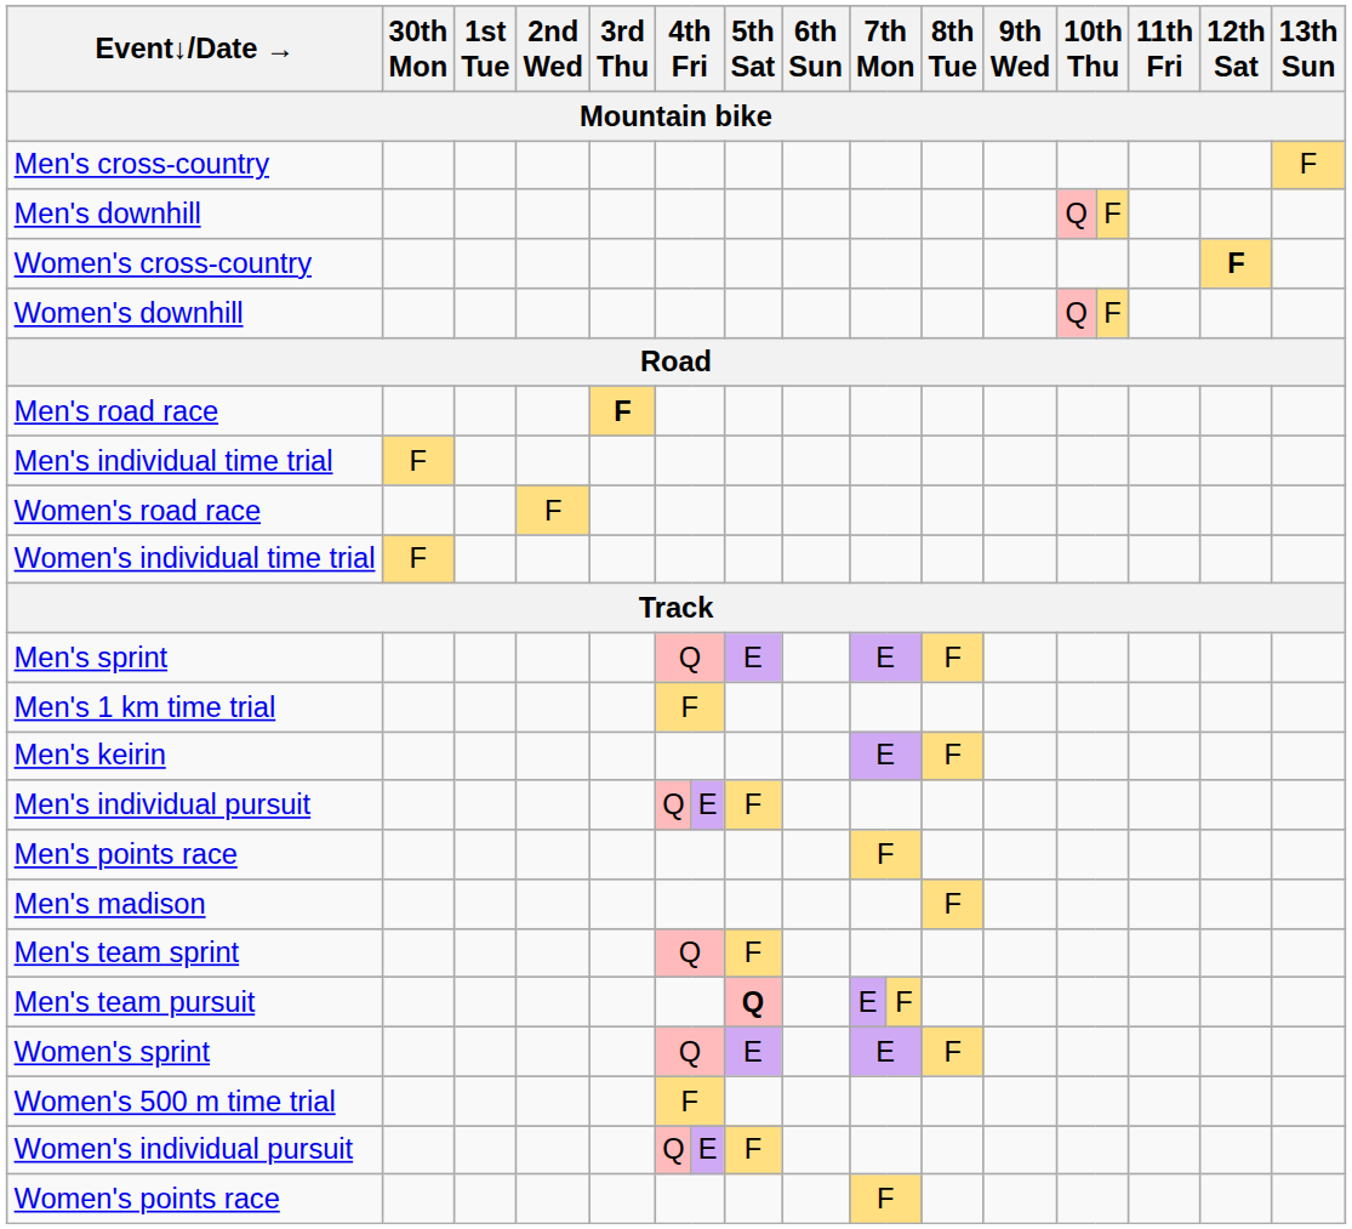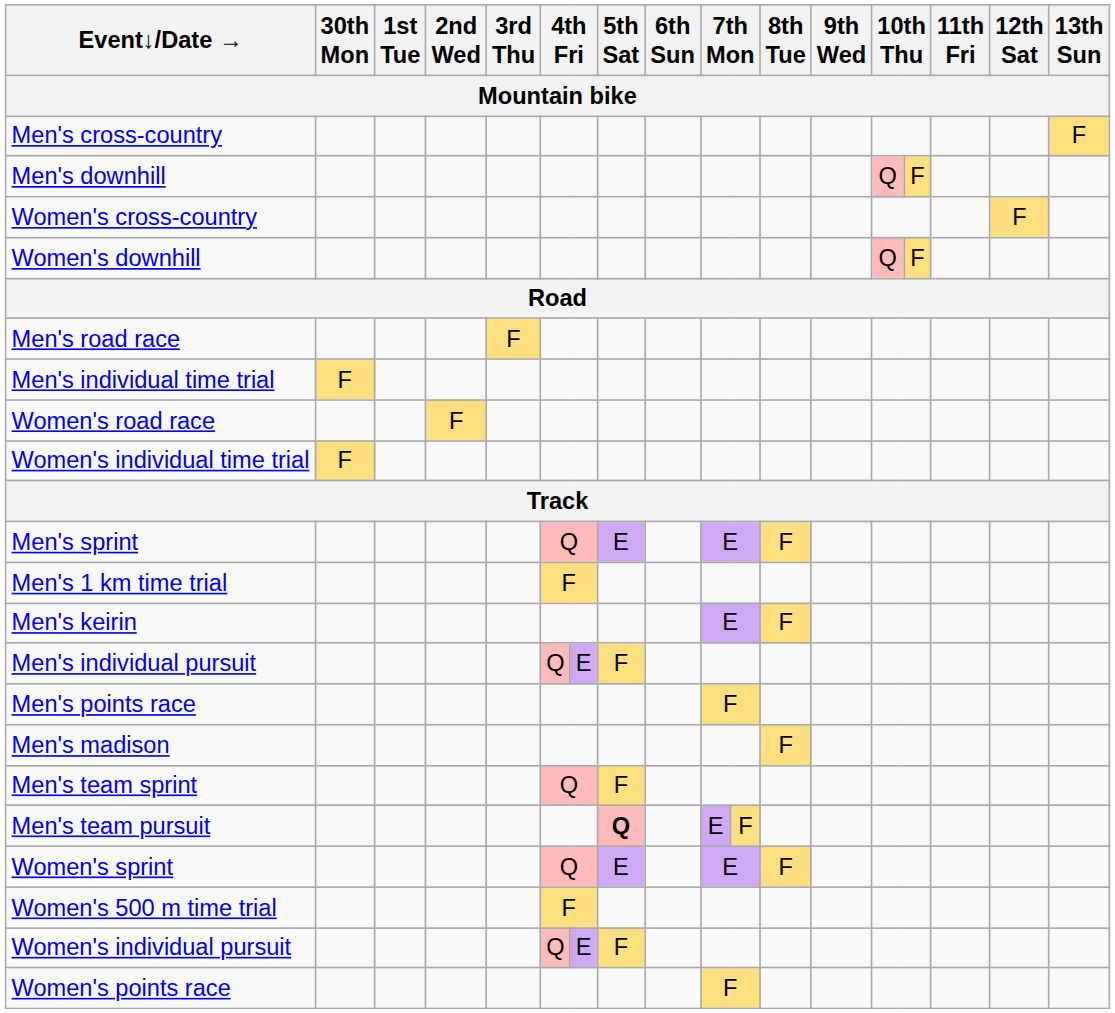 <table class="wikitable" style="margin:0.5em auto; font-size:90%; line-height:1.25em; text-align:center;">
 <tr>
 <th>Event↓/Date →</th>
 <th>30th<br>Mon</th>
 <th>1st<br>Tue</th>
 <th>2nd<br>Wed</th>
 <th>3rd<br>Thu</th>
 <th colspan=2>4th<br>Fri</th>
 <th>5th<br>Sat</th>
 <th>6th<br>Sun</th>
 <th colspan=2>7th<br>Mon</th>
 <th>8th<br>Tue</th>
 <th>9th<br>Wed</th>
 <th colspan=2>10th<br>Thu</th>
 <th>11th<br>Fri</th>
 <th>12th<br>Sat</th>
 <th>13th<br>Sun</th>
 </tr>
 <tr>
 <th colspan=18>Mountain bike</th>
 </tr>
 <tr>
 <td align="left"><a href='#'>Men's cross-country</a></td>
 <td></td>
 <td></td>
 <td></td>
 <td></td>
 <td colspan=2></td>
 <td></td>
 <td></td>
 <td colspan=2></td>
 <td></td>
 <td></td>
 <td colspan=2></td>
 <td></td>
 <td></td>
 <td bgcolor="#FFDF80">F</td>
 </tr>
 <tr>
 <td align="left"><a href='#'>Men's downhill</a></td>
 <td></td>
 <td></td>
 <td></td>
 <td></td>
 <td colspan=2></td>
 <td></td>
 <td></td>
 <td colspan=2></td>
 <td></td>
 <td></td>
 <td bgcolor="#FFBBBB">Q</td>
 <td bgcolor="#FFDF80">F</td>
 <td></td>
 <td></td>
 <td></td>
 </tr>
 <tr>
 <td align="left"><a href='#'>Women's cross-country</a></td>
 <td></td>
 <td></td>
 <td></td>
 <td></td>
 <td colspan=2></td>
 <td></td>
 <td></td>
 <td colspan=2></td>
 <td></td>
 <td></td>
 <td colspan=2></td>
 <td></td>
-<td bgcolor="#FFDF80"><strong>F</strong></td>
+<td bgcolor="#FFDF80">F</td>
 <td></td>
 </tr>
 <tr>
 <td align="left"><a href='#'>Women's downhill</a></td>
 <td></td>
 <td></td>
 <td></td>
 <td></td>
 <td colspan=2></td>
 <td></td>
 <td></td>
 <td colspan=2></td>
 <td></td>
 <td></td>
 <td bgcolor="#FFBBBB">Q</td>
 <td bgcolor="#FFDF80">F</td>
 <td></td>
 <td></td>
 <td></td>
 </tr>
 <tr>
 <th colspan=18>Road</th>
 </tr>
 <tr>
 <td align="left"><a href='#'>Men's road race</a></td>
 <td></td>
 <td></td>
 <td></td>
-<td bgcolor="#FFDF80"><strong>F</strong></td>
+<td bgcolor="#FFDF80">F</td>
 <td colspan=2></td>
 <td></td>
 <td></td>
 <td colspan=2></td>
 <td></td>
 <td></td>
 <td colspan=2></td>
 <td></td>
 <td></td>
 <td></td>
 </tr>
 <tr>
 <td align="left"><a href='#'>Men's individual time trial</a></td>
 <td bgcolor="#FFDF80">F</td>
 <td></td>
 <td></td>
 <td></td>
 <td colspan=2></td>
 <td></td>
 <td></td>
 <td colspan=2></td>
 <td></td>
 <td></td>
 <td colspan=2></td>
 <td></td>
 <td></td>
 <td></td>
 </tr>
 <tr>
 <td align="left"><a href='#'>Women's road race</a></td>
 <td></td>
 <td></td>
 <td bgcolor="#FFDF80">F</td>
 <td></td>
 <td colspan=2></td>
 <td></td>
 <td></td>
 <td colspan=2></td>
 <td></td>
 <td></td>
 <td colspan=2></td>
 <td></td>
 <td></td>
 <td></td>
 </tr>
 <tr>
 <td align="left"><a href='#'>Women's individual time trial</a></td>
 <td bgcolor="#FFDF80">F</td>
 <td></td>
 <td></td>
 <td></td>
 <td colspan=2></td>
 <td></td>
 <td></td>
 <td colspan=2></td>
 <td></td>
 <td></td>
 <td colspan=2></td>
 <td></td>
 <td></td>
 <td></td>
 </tr>
 <tr>
 <th colspan=18>Track</th>
 </tr>
 <tr>
 <td align="left"><a href='#'>Men's sprint</a></td>
 <td></td>
 <td></td>
 <td></td>
 <td></td>
 <td colspan=2 bgcolor="#FFBBBB">Q</td>
 <td bgcolor="#D0A9F5">E</td>
 <td></td>
 <td colspan=2 bgcolor="#D0A9F5">E</td>
 <td bgcolor="#FFDF80">F</td>
 <td></td>
 <td colspan=2></td>
 <td></td>
 <td></td>
 <td></td>
 </tr>
 <tr>
 <td align="left"><a href='#'>Men's 1 km time trial</a></td>
 <td></td>
 <td></td>
 <td></td>
 <td></td>
 <td colspan=2 bgcolor="#FFDF80">F</td>
 <td></td>
 <td></td>
 <td colspan=2></td>
 <td></td>
 <td></td>
 <td colspan=2></td>
 <td></td>
 <td></td>
 <td></td>
 </tr>
 <tr>
 <td align="left"><a href='#'>Men's keirin</a></td>
 <td></td>
 <td></td>
 <td></td>
 <td></td>
 <td colspan=2></td>
 <td></td>
 <td></td>
 <td colspan=2 bgcolor="#D0A9F5">E</td>
 <td bgcolor="#FFDF80">F</td>
 <td></td>
 <td colspan=2></td>
 <td></td>
 <td></td>
 <td></td>
 </tr>
 <tr>
 <td align="left"><a href='#'>Men's individual pursuit</a></td>
 <td></td>
 <td></td>
 <td></td>
 <td></td>
 <td bgcolor="#FFBBBB">Q</td>
 <td bgcolor="#D0A9F5">E</td>
 <td bgcolor="#FFDF80">F</td>
 <td></td>
 <td colspan=2></td>
 <td></td>
 <td></td>
 <td colspan=2></td>
 <td></td>
 <td></td>
 <td></td>
 </tr>
 <tr>
 <td align="left"><a href='#'>Men's points race</a></td>
 <td></td>
 <td></td>
 <td></td>
 <td></td>
 <td colspan=2></td>
 <td></td>
 <td></td>
 <td colspan=2 bgcolor="#FFDF80">F</td>
 <td></td>
 <td></td>
 <td colspan=2></td>
 <td></td>
 <td></td>
 <td></td>
 </tr>
 <tr>
 <td align="left"><a href='#'>Men's madison</a></td>
 <td></td>
 <td></td>
 <td></td>
 <td></td>
 <td colspan=2></td>
 <td></td>
 <td></td>
 <td colspan=2></td>
 <td bgcolor="#FFDF80">F</td>
 <td></td>
 <td colspan=2></td>
 <td></td>
 <td></td>
 <td></td>
 </tr>
 <tr>
 <td align="left"><a href='#'>Men's team sprint</a></td>
 <td></td>
 <td></td>
 <td></td>
 <td></td>
 <td colspan=2 bgcolor="#FFBBBB">Q</td>
 <td bgcolor="#FFDF80">F</td>
 <td></td>
 <td colspan=2></td>
 <td></td>
 <td></td>
 <td colspan=2></td>
 <td></td>
 <td></td>
 <td></td>
 </tr>
 <tr>
 <td align="left"><a href='#'>Men's team pursuit</a></td>
 <td></td>
 <td></td>
 <td></td>
 <td></td>
 <td colspan=2></td>
 <td bgcolor="#FFBBBB"><strong>Q</strong></td>
 <td></td>
 <td bgcolor="#D0A9F5">E</td>
 <td bgcolor="#FFDF80">F</td>
 <td></td>
 <td></td>
 <td colspan=2></td>
 <td></td>
 <td></td>
 <td></td>
 </tr>
 <tr>
 <td align="left"><a href='#'>Women's sprint</a></td>
 <td></td>
 <td></td>
 <td></td>
 <td></td>
 <td colspan=2 bgcolor="#FFBBBB">Q</td>
 <td bgcolor="#D0A9F5">E</td>
 <td></td>
 <td colspan=2 bgcolor="#D0A9F5">E</td>
 <td bgcolor="#FFDF80">F</td>
 <td></td>
 <td colspan=2></td>
 <td></td>
 <td></td>
 <td></td>
 </tr>
 <tr>
 <td align="left"><a href='#'>Women's 500 m time trial</a></td>
 <td></td>
 <td></td>
 <td></td>
 <td></td>
 <td colspan=2 bgcolor="#FFDF80">F</td>
 <td></td>
 <td></td>
 <td colspan=2></td>
 <td></td>
 <td></td>
 <td colspan=2></td>
 <td></td>
 <td></td>
 <td></td>
 </tr>
 <tr>
 <td align="left"><a href='#'>Women's individual pursuit</a></td>
 <td></td>
 <td></td>
 <td></td>
 <td></td>
 <td bgcolor="#FFBBBB">Q</td>
 <td bgcolor="#D0A9F5">E</td>
 <td bgcolor="#FFDF80">F</td>
 <td></td>
 <td colspan=2></td>
 <td></td>
 <td></td>
 <td colspan=2></td>
 <td></td>
 <td></td>
 <td></td>
 </tr>
 <tr>
 <td align="left"><a href='#'>Women's points race</a></td>
 <td></td>
 <td></td>
 <td></td>
 <td></td>
 <td colspan=2></td>
 <td></td>
 <td></td>
 <td colspan=2 bgcolor="#FFDF80">F</td>
 <td></td>
 <td></td>
 <td colspan=2></td>
 <td></td>
 <td></td>
 <td></td>
 </tr>
 </table>
